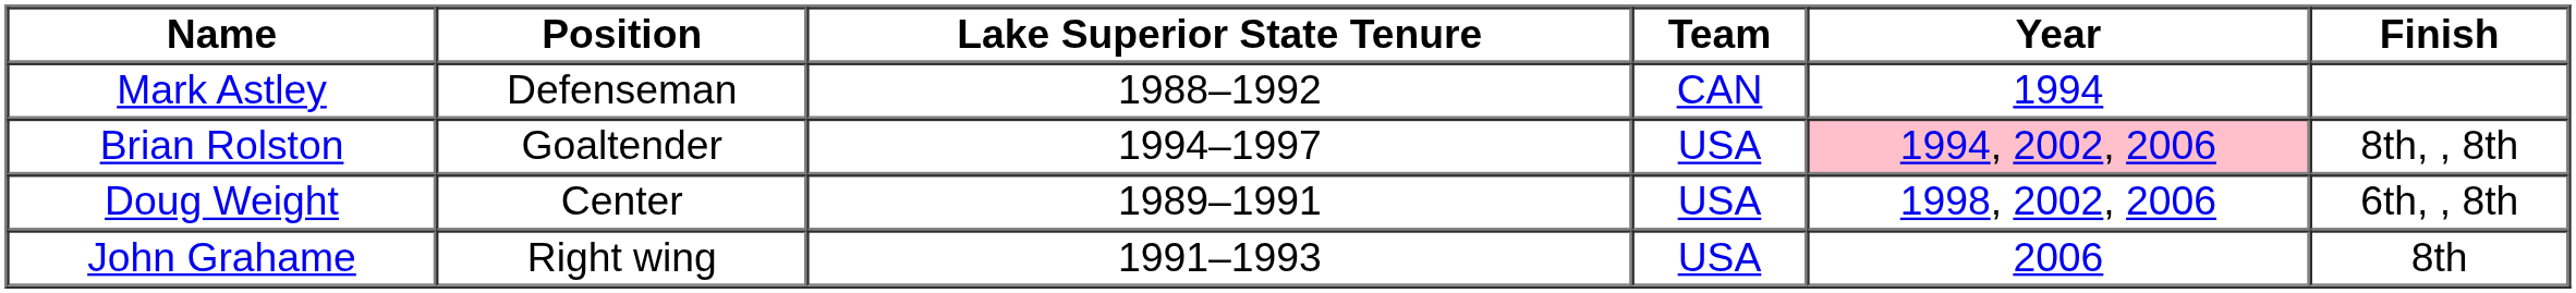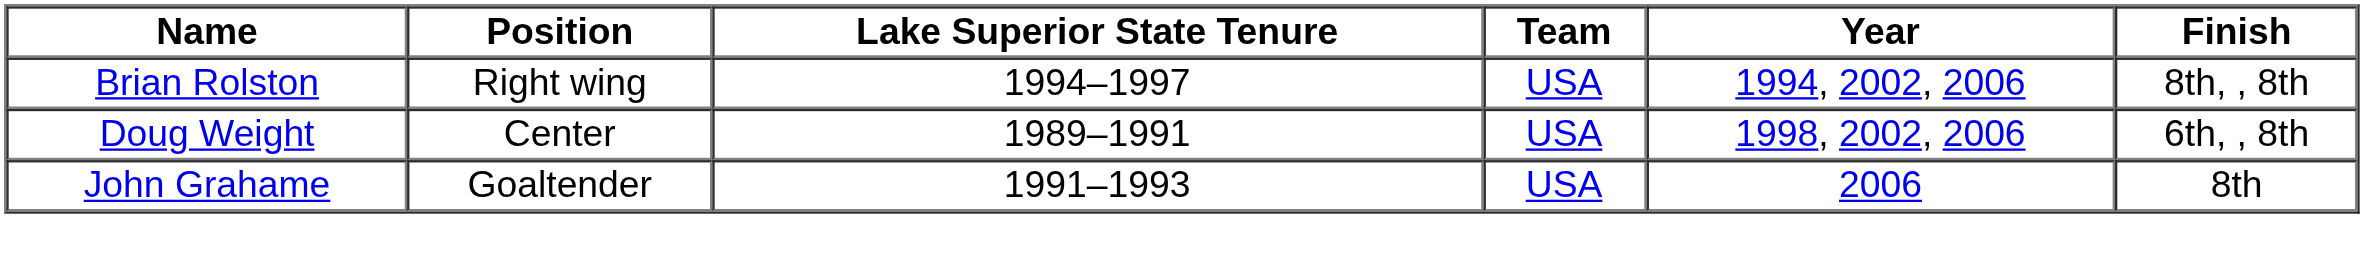 <table cellpadding="1" border="1" cellspacing="0" width="80%">
 <tr>
 <th>Name</th>
 <th>Position</th>
 <th>Lake Superior State Tenure</th>
 <th>Team</th>
 <th>Year</th>
 <th>Finish</th>
 </tr>
 <tr align="center">
-<td><a href='#'>Mark Astley</a></td>
-<td>Defenseman</td>
-<td>1988–1992</td>
-<td> <a href='#'>CAN</a></td>
-<td><a href='#'>1994</a></td>
-<td></td>
-</tr>
-<tr align="center">
 <td><a href='#'>Brian Rolston</a></td>
-<td>Goaltender</td>
+<td>Right wing</td>
 <td>1994–1997</td>
 <td> <a href='#'>USA</a></td>
-<td style="background: pink;"><a href='#'>1994</a>, <a href='#'>2002</a>, <a href='#'>2006</a></td>
+<td><a href='#'>1994</a>, <a href='#'>2002</a>, <a href='#'>2006</a></td>
 <td>8th, , 8th</td>
 </tr>
 <tr align="center">
 <td><a href='#'>Doug Weight</a></td>
 <td>Center</td>
 <td>1989–1991</td>
 <td> <a href='#'>USA</a></td>
 <td><a href='#'>1998</a>, <a href='#'>2002</a>, <a href='#'>2006</a></td>
 <td>6th, , 8th</td>
 </tr>
 <tr align="center">
 <td><a href='#'>John Grahame</a></td>
-<td>Right wing</td>
+<td>Goaltender</td>
 <td>1991–1993</td>
 <td> <a href='#'>USA</a></td>
 <td><a href='#'>2006</a></td>
 <td>8th</td>
 </tr>
 <tr align="center">
 </tr>
 </table>
